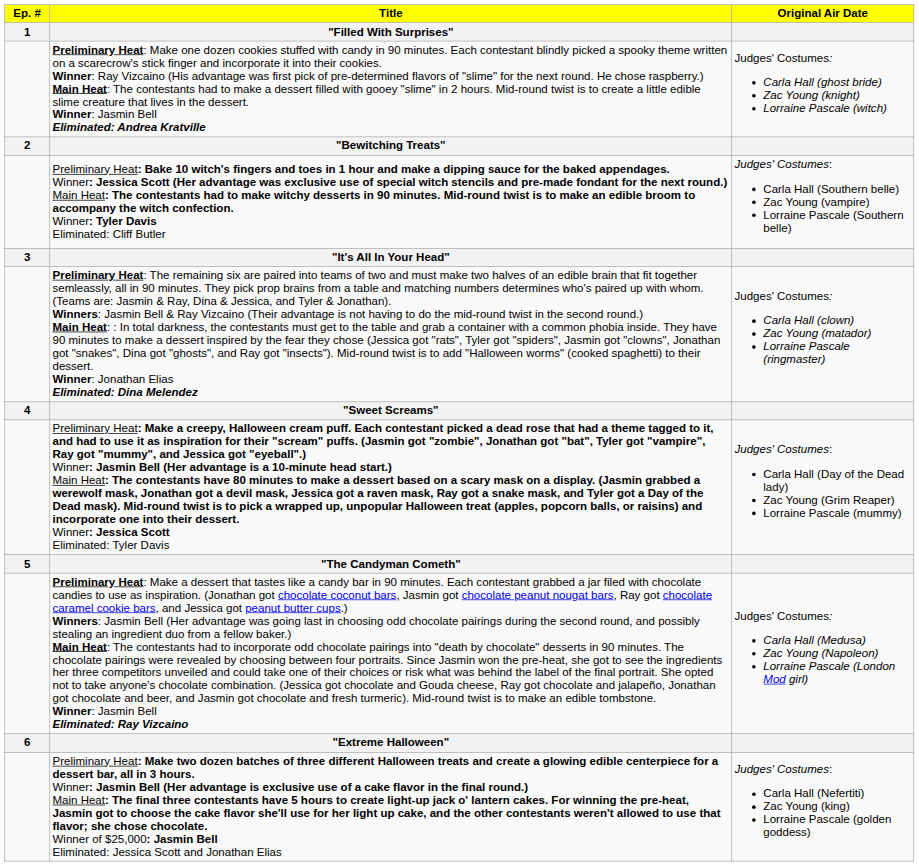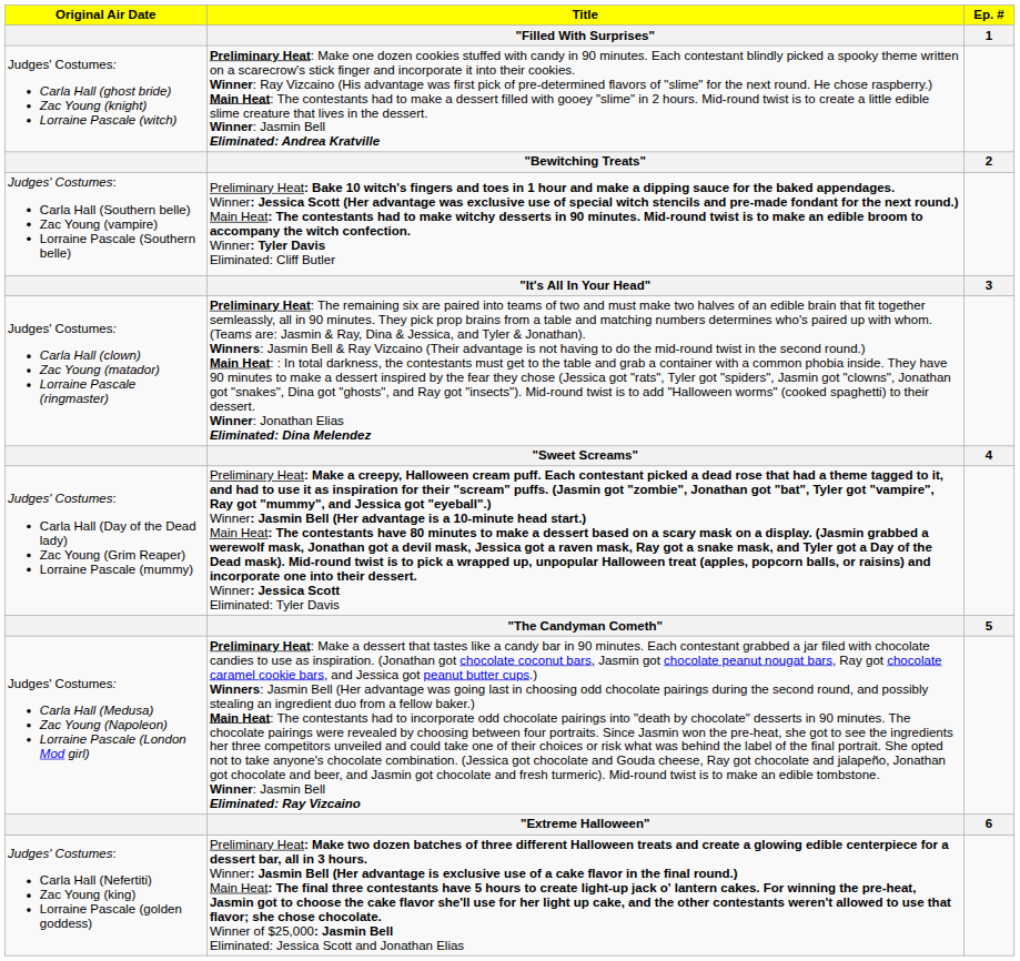 <table class="wikitable plainrowheaders" style="width:100%">
 <tr>
+<th style="background-color: #FFFF00; color: #000;" width=20%>Original Air Date</th>
+<th style="background-color: #FFFF00; color: #000;">Title</th>
 <th style="background-color: #FFFF00; color: #000;" width=5%>Ep. #</th>
-<th style="background-color: #FFFF00; color: #000;">Title</th>
-<th style="background-color: #FFFF00; color: #000;" width=20%>Original Air Date</th>
 </tr>
 <tr>
+<th align="center"></th>
+<th>"Filled With Surprises"</th>
 <th align="center">1</th>
-<th>"Filled With Surprises"</th>
-<th align="center"></th>
 </tr>
 <tr>
+<td></em>Judges' Costumes<em>:<br><ul><li>Carla Hall (ghost bride)</li><li>Zac Young (knight)</li><li>Lorraine Pascale (witch)</li></ul></td>
+<td><strong><u>Preliminary Heat</u></strong>: Make one dozen cookies stuffed with candy in 90 minutes. Each contestant blindly picked a spooky theme written on a scarecrow's stick finger and incorporate it into their cookies.<br><strong>Winner</strong>: Ray Vizcaino (His advantage was first pick of pre-determined flavors of "slime" for the next round. He chose raspberry.)<br><strong><u>Main Heat</u></strong>: The contestants had to make a dessert filled with gooey "slime" in 2 hours. Mid-round twist is to create a little edible slime creature that lives in the dessert.<br><strong>Winner</strong>: Jasmin Bell<br><strong><em>Eliminated<strong>:<em> </em>Andrea Kratville<em></td>
 <td></td>
-<td><strong><u>Preliminary Heat</u></strong>: Make one dozen cookies stuffed with candy in 90 minutes. Each contestant blindly picked a spooky theme written on a scarecrow's stick finger and incorporate it into their cookies.<br><strong>Winner</strong>: Ray Vizcaino (His advantage was first pick of pre-determined flavors of "slime" for the next round. He chose raspberry.)<br><strong><u>Main Heat</u></strong>: The contestants had to make a dessert filled with gooey "slime" in 2 hours. Mid-round twist is to create a little edible slime creature that lives in the dessert.<br><strong>Winner</strong>: Jasmin Bell<br><strong><em>Eliminated<strong>:<em> </em>Andrea Kratville<em></td>
-<td></em>Judges' Costumes<em>:<br><ul><li>Carla Hall (ghost bride)</li><li>Zac Young (knight)</li><li>Lorraine Pascale (witch)</li></ul></td>
 </tr>
 <tr>
+<th align="center"></th>
+<th>"Bewitching Treats"</th>
 <th align="center">2</th>
-<th>"Bewitching Treats"</th>
-<th align="center"></th>
 </tr>
 <tr>
+<td><em>Judges' Costumes</em>:<br><ul><li>Carla Hall (Southern belle)</li><li>Zac Young (vampire)</li><li>Lorraine Pascale (Southern belle)</li></ul></td>
+<td></strong><u>Preliminary Heat</u><strong>: Bake 10 witch's fingers and toes in 1 hour and make a dipping sauce for the baked appendages.<br></strong>Winner<strong>: Jessica Scott (Her advantage was exclusive use of special witch stencils and pre-made fondant for the next round.)<br></strong><u>Main Heat</u><strong>: The contestants had to make witchy desserts in 90 minutes. Mid-round twist is to make an edible broom to accompany the witch confection.<br></strong>Winner<strong>: Tyler Davis<br></em></strong>Eliminated</strong>: Cliff Butler</em></td>
 <td></td>
-<td></strong><u>Preliminary Heat</u><strong>: Bake 10 witch's fingers and toes in 1 hour and make a dipping sauce for the baked appendages.<br></strong>Winner<strong>: Jessica Scott (Her advantage was exclusive use of special witch stencils and pre-made fondant for the next round.)<br></strong><u>Main Heat</u><strong>: The contestants had to make witchy desserts in 90 minutes. Mid-round twist is to make an edible broom to accompany the witch confection.<br></strong>Winner<strong>: Tyler Davis<br></em></strong>Eliminated</strong>: Cliff Butler</em></td>
-<td><em>Judges' Costumes</em>:<br><ul><li>Carla Hall (Southern belle)</li><li>Zac Young (vampire)</li><li>Lorraine Pascale (Southern belle)</li></ul></td>
 </tr>
 <tr>
+<th align="center"></th>
+<th>"It's All In Your Head"</th>
 <th align="center">3</th>
-<th>"It's All In Your Head"</th>
-<th align="center"></th>
 </tr>
 <tr>
+<td></em>Judges' Costumes<em>:<br><ul><li>Carla Hall (clown)</li><li>Zac Young (matador)</li><li>Lorraine Pascale (ringmaster)</li></ul></td>
+<td><strong><u>Preliminary Heat</u></strong>: The remaining six are paired into teams of two and must make two halves of an edible brain that fit together semleassly, all in 90 minutes. They pick prop brains from a table and matching numbers determines who's paired up with whom. (Teams are: Jasmin & Ray, Dina & Jessica, and Tyler & Jonathan).<br><strong>Winners</strong>: Jasmin Bell & Ray Vizcaino (Their advantage is not having to do the mid-round twist in the second round.)<br><strong><u>Main Heat</u></strong>: : In total darkness, the contestants must get to the table and grab a container with a common phobia inside. They have 90 minutes to make a dessert inspired by the fear they chose (Jessica got "rats", Tyler got "spiders", Jasmin got "clowns", Jonathan got "snakes", Dina got "ghosts", and Ray got "insects"). Mid-round twist is to add "Halloween worms" (cooked spaghetti) to their dessert.<br><strong>Winner</strong>: Jonathan Elias<br><strong><em>Eliminated<strong>: Dina Melendez<em></td>
 <td></td>
-<td><strong><u>Preliminary Heat</u></strong>: The remaining six are paired into teams of two and must make two halves of an edible brain that fit together semleassly, all in 90 minutes. They pick prop brains from a table and matching numbers determines who's paired up with whom. (Teams are: Jasmin & Ray, Dina & Jessica, and Tyler & Jonathan).<br><strong>Winners</strong>: Jasmin Bell & Ray Vizcaino (Their advantage is not having to do the mid-round twist in the second round.)<br><strong><u>Main Heat</u></strong>: : In total darkness, the contestants must get to the table and grab a container with a common phobia inside. They have 90 minutes to make a dessert inspired by the fear they chose (Jessica got "rats", Tyler got "spiders", Jasmin got "clowns", Jonathan got "snakes", Dina got "ghosts", and Ray got "insects"). Mid-round twist is to add "Halloween worms" (cooked spaghetti) to their dessert.<br><strong>Winner</strong>: Jonathan Elias<br><strong><em>Eliminated<strong>: Dina Melendez<em></td>
-<td></em>Judges' Costumes<em>:<br><ul><li>Carla Hall (clown)</li><li>Zac Young (matador)</li><li>Lorraine Pascale (ringmaster)</li></ul></td>
 </tr>
 <tr>
+<th align="center"></th>
+<th>"Sweet Screams"</th>
 <th align="center">4</th>
-<th>"Sweet Screams"</th>
-<th align="center"></th>
 </tr>
 <tr>
+<td><em>Judges' Costumes</em>:<br><ul><li>Carla Hall (Day of the Dead lady)</li><li>Zac Young (Grim Reaper)</li><li>Lorraine Pascale (mummy)</li></ul></td>
+<td></strong><u>Preliminary Heat</u><strong>: Make a creepy, Halloween cream puff. Each contestant picked a dead rose that had a theme tagged to it, and had to use it as inspiration for their "scream" puffs. (Jasmin got "zombie", Jonathan got "bat", Tyler got "vampire", Ray got "mummy", and Jessica got "eyeball".)<br></strong>Winner<strong>: Jasmin Bell (Her advantage is a 10-minute head start.)<br></strong><u>Main Heat</u><strong>: The contestants have 80 minutes to make a dessert based on a scary mask on a display. (Jasmin grabbed a werewolf mask, Jonathan got a devil mask, Jessica got a raven mask, Ray got a snake mask, and Tyler got a Day of the Dead mask). Mid-round twist is to pick a wrapped up, unpopular Halloween treat (apples, popcorn balls, or raisins) and incorporate one into their dessert.<br></strong>Winner<strong>: Jessica Scott<br></em></strong>Eliminated</strong>: Tyler Davis</em></td>
 <td></td>
-<td></strong><u>Preliminary Heat</u><strong>: Make a creepy, Halloween cream puff. Each contestant picked a dead rose that had a theme tagged to it, and had to use it as inspiration for their "scream" puffs. (Jasmin got "zombie", Jonathan got "bat", Tyler got "vampire", Ray got "mummy", and Jessica got "eyeball".)<br></strong>Winner<strong>: Jasmin Bell (Her advantage is a 10-minute head start.)<br></strong><u>Main Heat</u><strong>: The contestants have 80 minutes to make a dessert based on a scary mask on a display. (Jasmin grabbed a werewolf mask, Jonathan got a devil mask, Jessica got a raven mask, Ray got a snake mask, and Tyler got a Day of the Dead mask). Mid-round twist is to pick a wrapped up, unpopular Halloween treat (apples, popcorn balls, or raisins) and incorporate one into their dessert.<br></strong>Winner<strong>: Jessica Scott<br></em></strong>Eliminated</strong>: Tyler Davis</em></td>
-<td><em>Judges' Costumes</em>:<br><ul><li>Carla Hall (Day of the Dead lady)</li><li>Zac Young (Grim Reaper)</li><li>Lorraine Pascale (mummy)</li></ul></td>
 </tr>
 <tr>
+<th align="center"></th>
+<th>"The Candyman Cometh"</th>
 <th align="center">5</th>
-<th>"The Candyman Cometh"</th>
-<th align="center"></th>
 </tr>
 <tr>
+<td></em>Judges' Costumes<em>:<br><ul><li>Carla Hall (Medusa)</li><li>Zac Young (Napoleon)</li><li>Lorraine Pascale (London <a href='#'>Mod</a> girl)</li></ul></td>
+<td><strong><u>Preliminary Heat</u></strong>: Make a dessert that tastes like a candy bar in 90 minutes. Each contestant grabbed a jar filed with chocolate candies to use as inspiration. (Jonathan got <a href='#'>chocolate coconut bars</a>, Jasmin got <a href='#'>chocolate peanut nougat bars</a>, Ray got <a href='#'>chocolate caramel cookie bars</a>, and Jessica got <a href='#'>peanut butter cups</a>.)<br><strong>Winners</strong>: Jasmin Bell (Her advantage was going last in choosing odd chocolate pairings during the second round, and possibly stealing an ingredient duo from a fellow baker.)<br><strong><u>Main Heat</u></strong>: The contestants had to incorporate odd chocolate pairings into "death by chocolate" desserts in 90 minutes. The chocolate pairings were revealed by choosing between four portraits. Since Jasmin won the pre-heat, she got to see the ingredients her three competitors unveiled and could take one of their choices or risk what was behind the label of the final portrait. She opted not to take anyone's chocolate combination. (Jessica got chocolate and Gouda cheese, Ray got chocolate and jalapeño, Jonathan got chocolate and beer, and Jasmin got chocolate and fresh turmeric). Mid-round twist is to make an edible tombstone.<br><strong>Winner</strong>: Jasmin Bell<br><strong><em>Eliminated<strong>: Ray Vizcaino<em></td>
 <td></td>
-<td><strong><u>Preliminary Heat</u></strong>: Make a dessert that tastes like a candy bar in 90 minutes. Each contestant grabbed a jar filed with chocolate candies to use as inspiration. (Jonathan got <a href='#'>chocolate coconut bars</a>, Jasmin got <a href='#'>chocolate peanut nougat bars</a>, Ray got <a href='#'>chocolate caramel cookie bars</a>, and Jessica got <a href='#'>peanut butter cups</a>.)<br><strong>Winners</strong>: Jasmin Bell (Her advantage was going last in choosing odd chocolate pairings during the second round, and possibly stealing an ingredient duo from a fellow baker.)<br><strong><u>Main Heat</u></strong>: The contestants had to incorporate odd chocolate pairings into "death by chocolate" desserts in 90 minutes. The chocolate pairings were revealed by choosing between four portraits. Since Jasmin won the pre-heat, she got to see the ingredients her three competitors unveiled and could take one of their choices or risk what was behind the label of the final portrait. She opted not to take anyone's chocolate combination. (Jessica got chocolate and Gouda cheese, Ray got chocolate and jalapeño, Jonathan got chocolate and beer, and Jasmin got chocolate and fresh turmeric). Mid-round twist is to make an edible tombstone.<br><strong>Winner</strong>: Jasmin Bell<br><strong><em>Eliminated<strong>: Ray Vizcaino<em></td>
-<td></em>Judges' Costumes<em>:<br><ul><li>Carla Hall (Medusa)</li><li>Zac Young (Napoleon)</li><li>Lorraine Pascale (London <a href='#'>Mod</a> girl)</li></ul></td>
 </tr>
 <tr>
+<th align="center"></th>
+<th>"Extreme Halloween"</th>
 <th align="center">6</th>
-<th>"Extreme Halloween"</th>
-<th align="center"></th>
 </tr>
 <tr>
+<td><em>Judges' Costumes</em>:<br><ul><li>Carla Hall (Nefertiti)</li><li>Zac Young (king)</li><li>Lorraine Pascale (golden goddess)</li></ul></td>
+<td></strong><u>Preliminary Heat</u><strong>: Make two dozen batches of three different Halloween treats and create a glowing edible centerpiece for a dessert bar, all in 3 hours.<br></strong>Winner<strong>: Jasmin Bell (Her advantage is exclusive use of a cake flavor in the final round.)<br></strong><u>Main Heat</u><strong>: The final three contestants have 5 hours to create light-up jack o' lantern cakes. For winning the pre-heat, Jasmin got to choose the cake flavor she'll use for her light up cake, and the other contestants weren't allowed to use that flavor; she chose chocolate.<br></strong>Winner of $25,000<strong>: Jasmin Bell<br></em></strong>Eliminated</strong>: Jessica Scott and Jonathan Elias</em></td>
 <td></td>
-<td></strong><u>Preliminary Heat</u><strong>: Make two dozen batches of three different Halloween treats and create a glowing edible centerpiece for a dessert bar, all in 3 hours.<br></strong>Winner<strong>: Jasmin Bell (Her advantage is exclusive use of a cake flavor in the final round.)<br></strong><u>Main Heat</u><strong>: The final three contestants have 5 hours to create light-up jack o' lantern cakes. For winning the pre-heat, Jasmin got to choose the cake flavor she'll use for her light up cake, and the other contestants weren't allowed to use that flavor; she chose chocolate.<br></strong>Winner of $25,000<strong>: Jasmin Bell<br></em></strong>Eliminated</strong>: Jessica Scott and Jonathan Elias</em></td>
-<td><em>Judges' Costumes</em>:<br><ul><li>Carla Hall (Nefertiti)</li><li>Zac Young (king)</li><li>Lorraine Pascale (golden goddess)</li></ul></td>
 </tr>
 </table>
